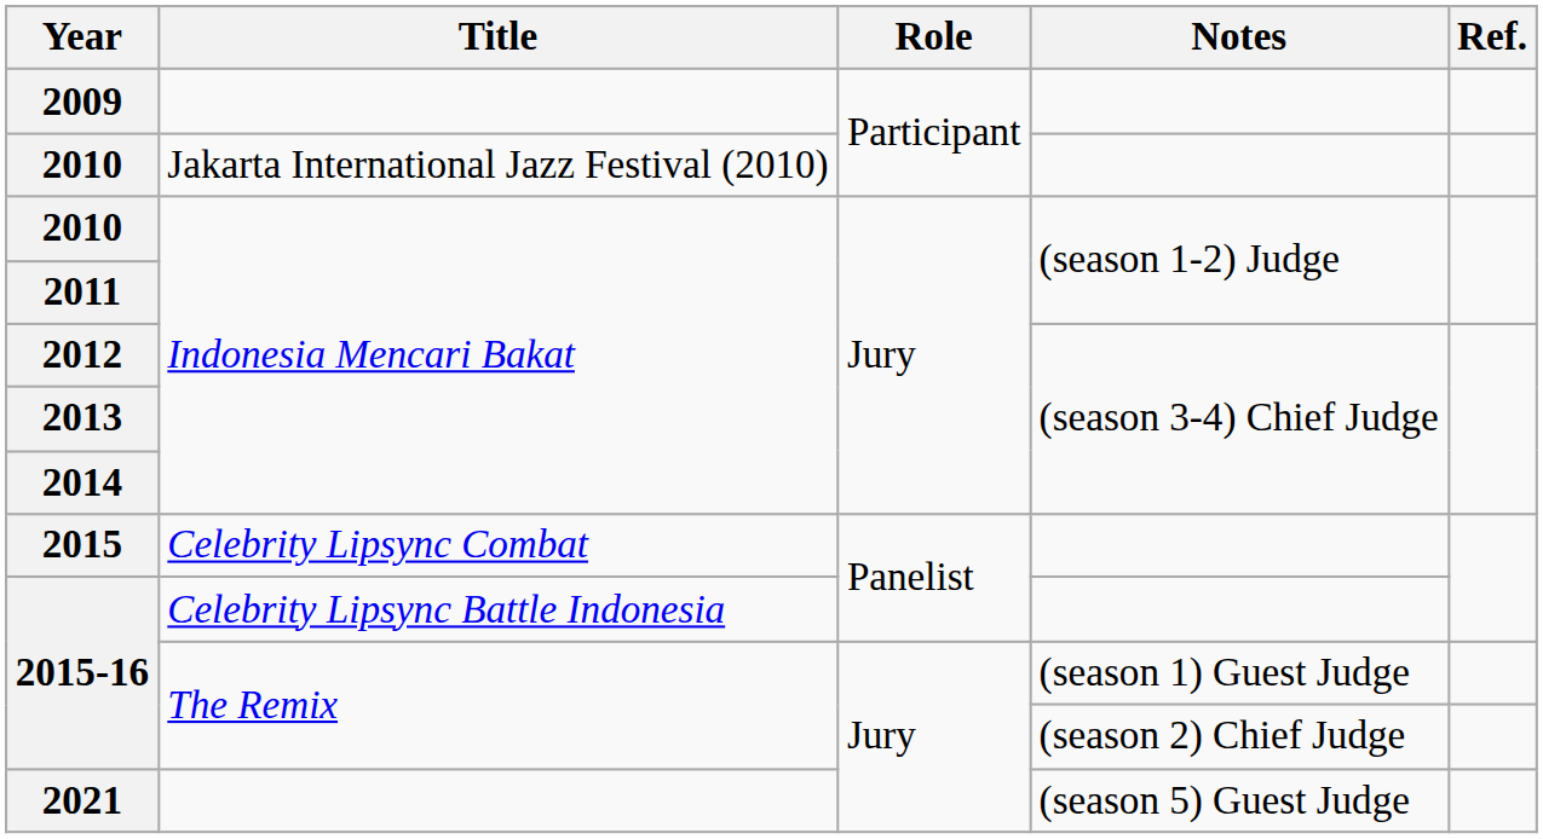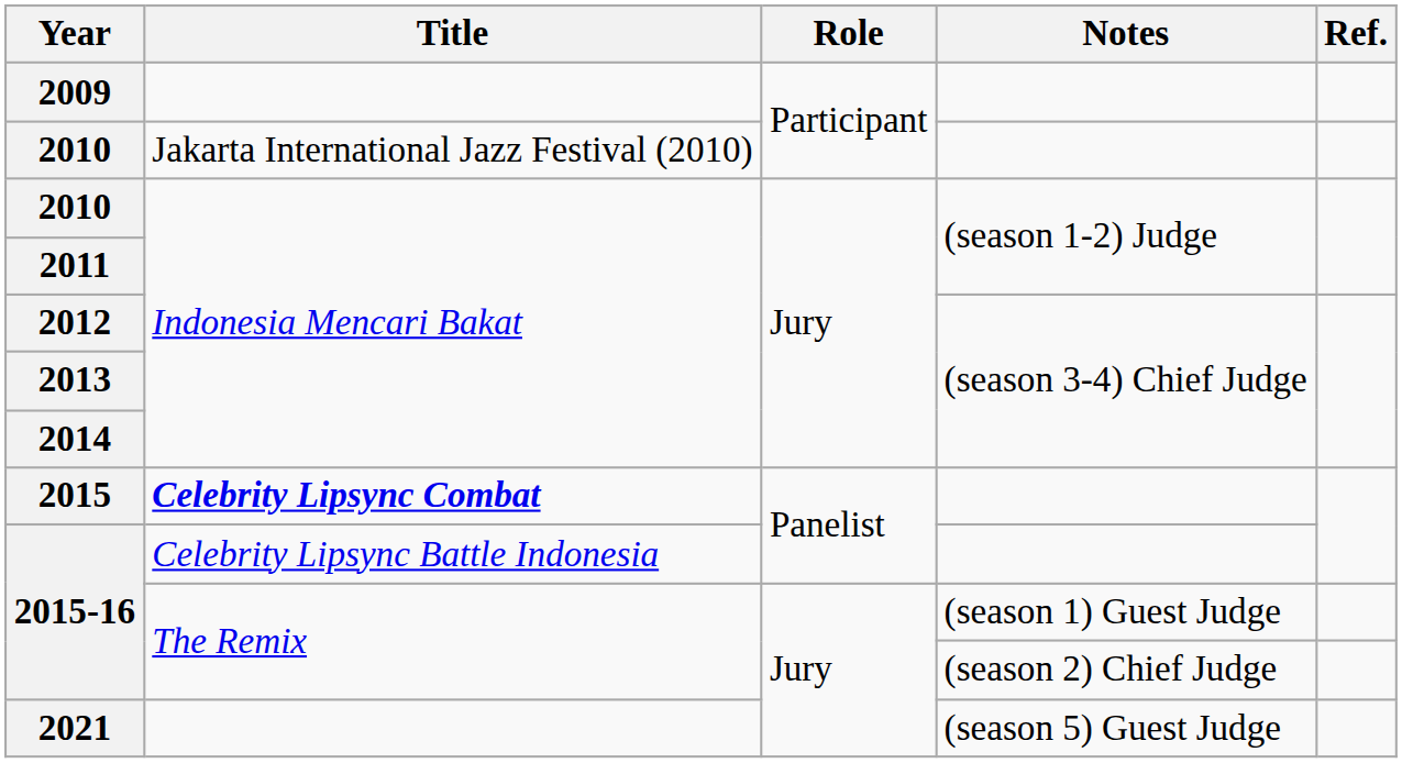 <table class="wikitable">
 <tr>
 <th>Year</th>
 <th>Title</th>
 <th>Role</th>
 <th>Notes</th>
 <th>Ref.</th>
 </tr>
 <tr>
 <th><strong>2009</strong></th>
 <td></td>
 <td rowspan="2">Participant</td>
 <td></td>
 <td></td>
 </tr>
 <tr>
 <th><strong>2010</strong></th>
 <td>Jakarta International Jazz Festival (2010)</td>
 <td></td>
 <td></td>
 </tr>
 <tr>
 <th><strong>2010</strong></th>
 <td rowspan="5"><em><a href='#'>Indonesia Mencari Bakat</a></em></td>
 <td rowspan="5">Jury</td>
 <td rowspan="2">(season 1-2) Judge</td>
 <td rowspan="2"></td>
 </tr>
 <tr>
 <th><strong>2011</strong></th>
 </tr>
 <tr>
 <th><strong>2012</strong></th>
 <td rowspan="3">(season 3-4) Chief Judge</td>
 <td rowspan="3"></td>
 </tr>
 <tr>
 <th><strong>2013</strong></th>
 </tr>
 <tr>
 <th><strong>2014</strong></th>
 </tr>
 <tr>
 <th><strong>2015</strong></th>
-<td><em><a href='#'>Celebrity Lipsync Combat</a></em></td>
+<td><strong><em><a href='#'>Celebrity Lipsync Combat</a></em></strong></td>
 <td rowspan="2">Panelist</td>
 <td></td>
 <td rowspan="2"></td>
 </tr>
 <tr>
 <th rowspan="3"><strong>2015-16</strong></th>
 <td><em><a href='#'>Celebrity Lipsync Battle Indonesia</a></em></td>
 <td></td>
 </tr>
 <tr>
 <td rowspan="2"><em><a href='#'>The Remix</a></em></td>
 <td rowspan="3">Jury</td>
 <td>(season 1) Guest Judge</td>
 <td></td>
 </tr>
 <tr>
 <td>(season 2) Chief Judge</td>
 <td></td>
 </tr>
 <tr>
 <th><strong>2021</strong></th>
 <td><em></em></td>
 <td>(season 5) Guest Judge</td>
 <td></td>
 </tr>
 </table>
